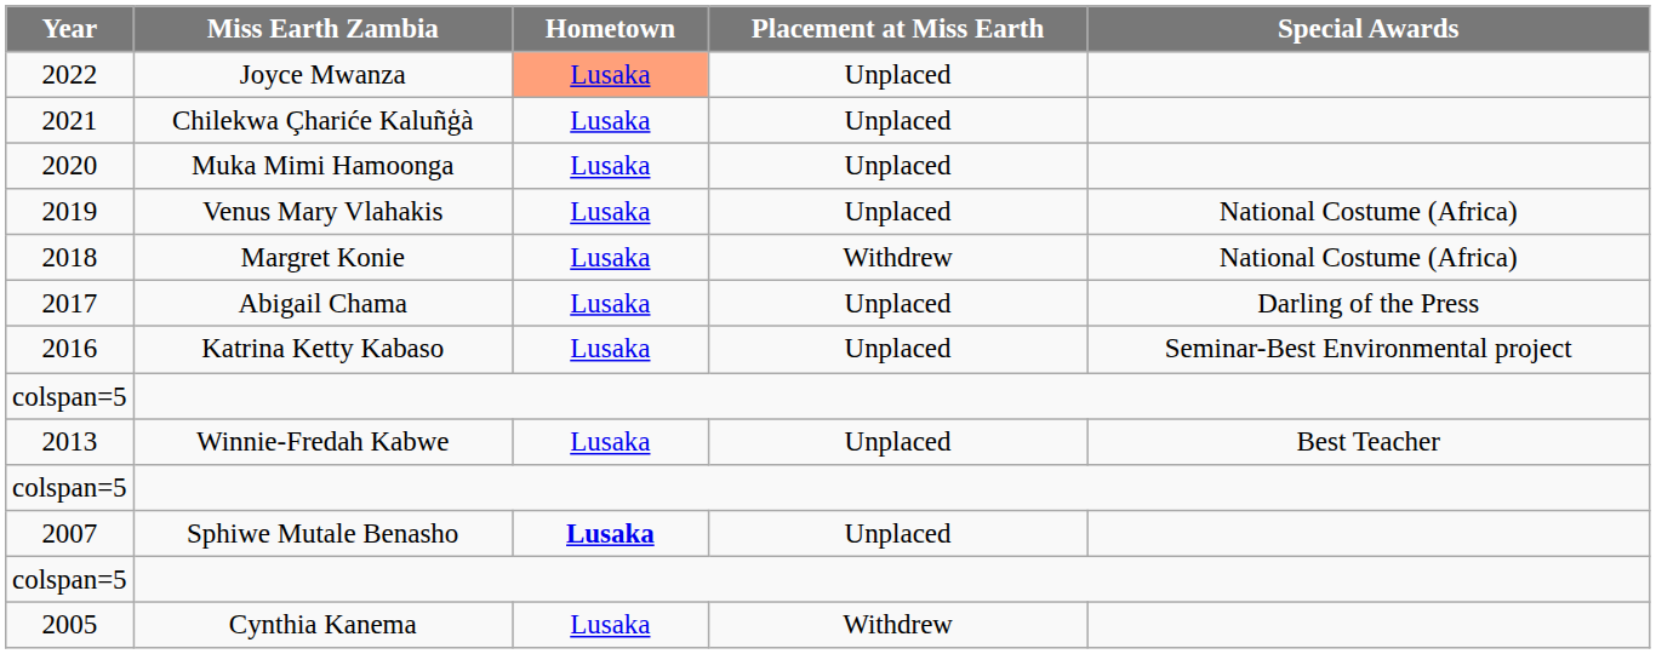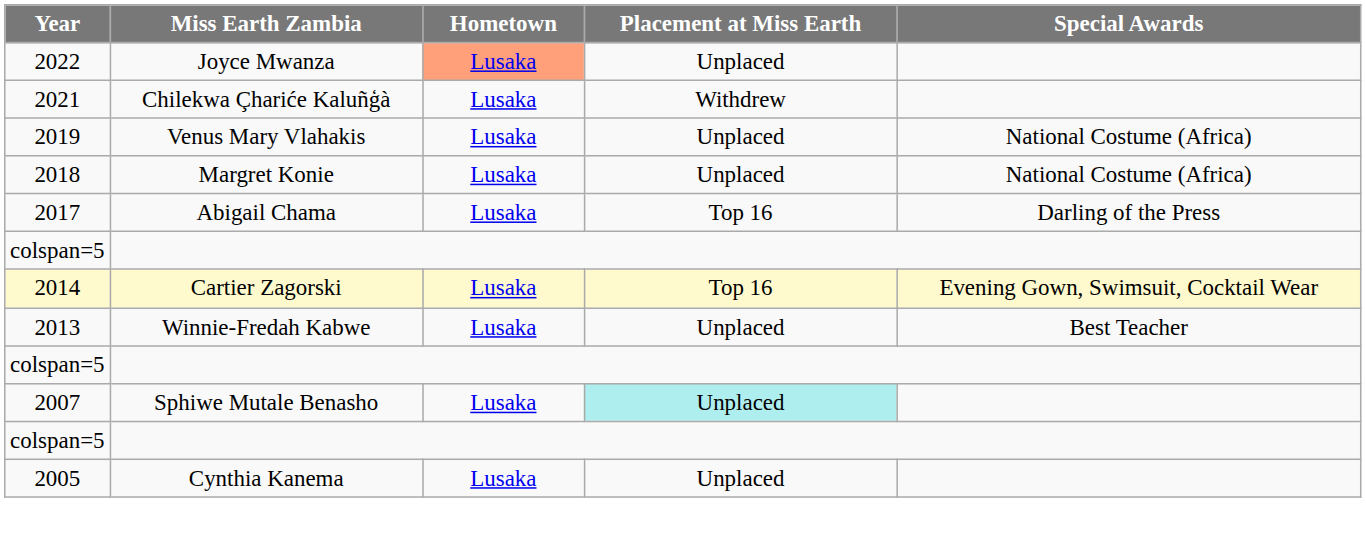 <table class="wikitable sortable" style="font-size:95%; text-align:center;">
 <tr>
 <th width="30" style="background-color:#787878;color:#FFFFFF;">Year</th>
 <th style="width:200px;background-color:#787878;color:#FFFFFF;">Miss Earth Zambia</th>
 <th style="width:100px;background-color:#787878;color:#FFFFFF;">Hometown</th>
 <th style="width:200px;background-color:#787878;color:#FFFFFF;">Placement at Miss Earth</th>
 <th style="width:300px;background-color:#787878;color:#FFFFFF;">Special Awards</th>
 </tr>
 <tr>
 <td>2022</td>
 <td>Joyce Mwanza</td>
 <td style="background: lightsalmon;"><a href='#'>Lusaka</a></td>
 <td>Unplaced</td>
 <td></td>
 </tr>
 <tr>
 <td>2021</td>
 <td>Chilekwa Çhariće Kaluñģà</td>
 <td><a href='#'>Lusaka</a></td>
-<td>Unplaced</td>
-<td></td>
-</tr>
-<tr>
-<td>2020</td>
-<td>Muka Mimi Hamoonga</td>
-<td><a href='#'>Lusaka</a></td>
-<td>Unplaced</td>
+<td>Withdrew</td>
 <td></td>
 </tr>
 <tr>
 <td>2019</td>
 <td>Venus Mary Vlahakis</td>
 <td><a href='#'>Lusaka</a></td>
 <td>Unplaced</td>
 <td> National  Costume (Africa)</td>
 </tr>
 <tr>
 <td>2018</td>
 <td>Margret Konie</td>
 <td><a href='#'>Lusaka</a></td>
-<td>Withdrew</td>
+<td>Unplaced</td>
 <td> National  Costume (Africa)</td>
 </tr>
 <tr>
 <td>2017</td>
 <td>Abigail Chama</td>
 <td><a href='#'>Lusaka</a></td>
-<td>Unplaced</td>
+<td>Top 16</td>
 <td> Darling of the Press</td>
 </tr>
 <tr>
-<td>2016</td>
-<td>Katrina Ketty Kabaso</td>
+<td>colspan=5 </td>
+</tr>
+<tr style="background-color:#FFFACD;">
+<td>2014</td>
+<td>Cartier Zagorski</td>
 <td><a href='#'>Lusaka</a></td>
-<td>Unplaced</td>
-<td>Seminar-Best Environmental project</td>
-</tr>
-<tr>
-<td>colspan=5 </td>
+<td>Top 16</td>
+<td> Evening Gown,  Swimsuit,  Cocktail Wear</td>
 </tr>
 <tr>
 <td>2013</td>
 <td>Winnie-Fredah Kabwe</td>
 <td><a href='#'>Lusaka</a></td>
 <td>Unplaced</td>
 <td> Best Teacher</td>
 </tr>
 <tr>
 <td>colspan=5 </td>
 </tr>
 <tr>
 <td>2007</td>
 <td>Sphiwe Mutale Benasho</td>
-<td><strong><a href='#'>Lusaka</a></strong></td>
-<td>Unplaced</td>
+<td><a href='#'>Lusaka</a></td>
+<td style="background: paleturquoise;">Unplaced</td>
 <td></td>
 </tr>
 <tr>
 <td>colspan=5 </td>
 </tr>
 <tr>
 <td>2005</td>
 <td>Cynthia Kanema</td>
 <td><a href='#'>Lusaka</a></td>
-<td>Withdrew</td>
+<td>Unplaced</td>
 <td></td>
 </tr>
 </table>
